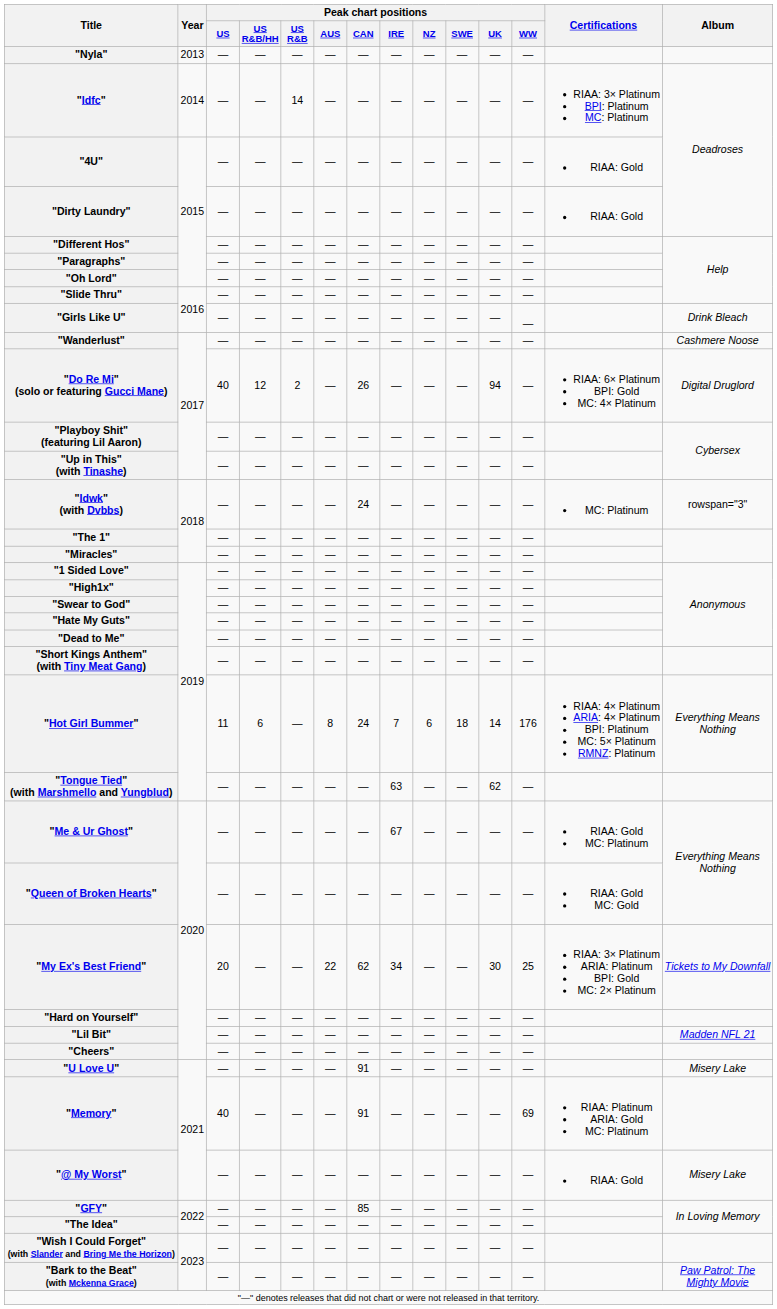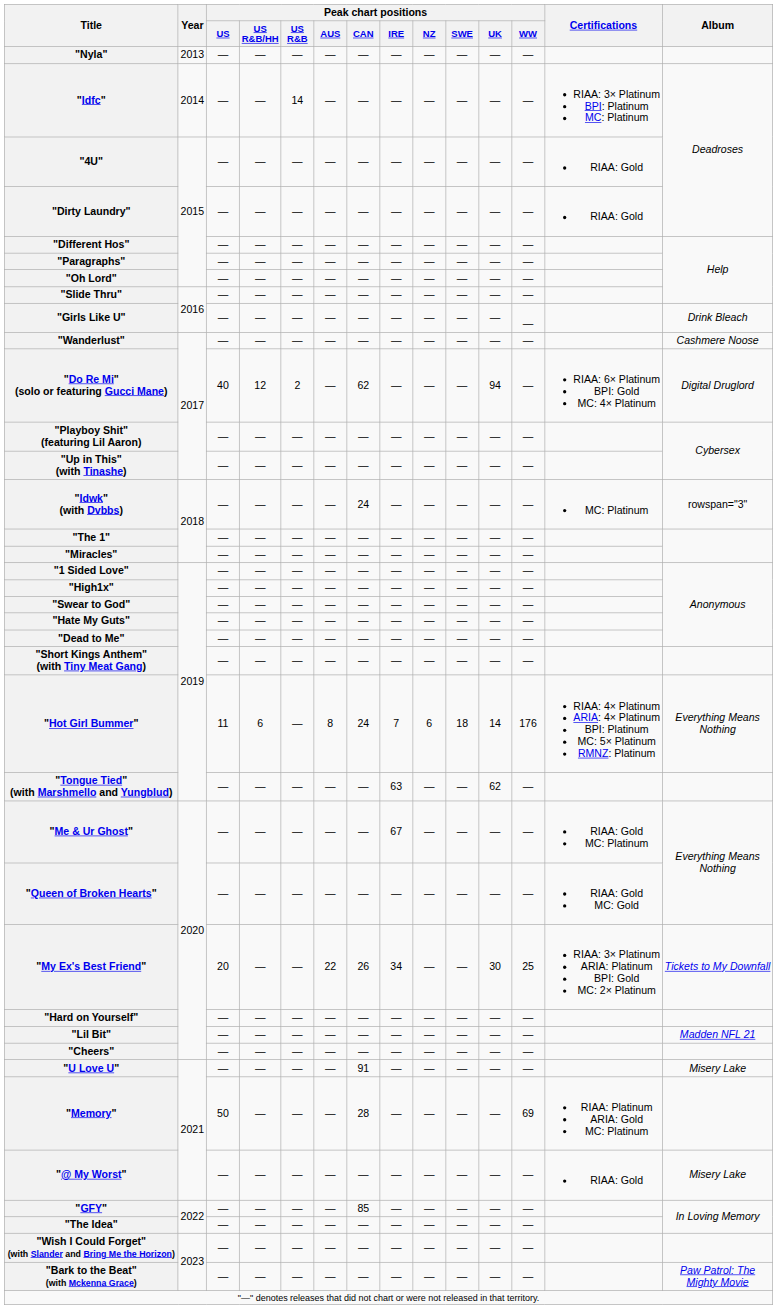 <table class="wikitable plainrowheaders" style="text-align:center;">
 <tr>
 <th scope="col" rowspan="2" style="width:16em;">Title</th>
 <th scope="col" rowspan="2" style="width:1em;">Year</th>
 <th scope="col" colspan="10">Peak chart positions</th>
 <th scope="col" rowspan="2"><a href='#'>Certifications</a></th>
 <th scope="col" rowspan="2" style="width:10em;">Album</th>
 </tr>
 <tr>
 <th scope="col" style="width:3em;font-size:90%;"><a href='#'>US</a><br></th>
 <th scope="col" style="width:3em;font-size:90%;"><a href='#'>US<br>R&B/HH</a><br></th>
 <th scope="col" style="width:3em;font-size:90%;"><a href='#'>US<br>R&B</a><br></th>
 <th scope="col" style="width:3em;font-size:90%;"><a href='#'>AUS</a><br></th>
 <th scope="col" style="width:3em;font-size:90%;"><a href='#'>CAN</a><br></th>
 <th scope="col" style="width:3em;font-size:90%;"><a href='#'>IRE</a><br></th>
 <th scope="col" style="width:3em;font-size:90%;"><a href='#'>NZ</a><br></th>
 <th scope="col" style="width:3em;font-size:90%;"><a href='#'>SWE</a><br></th>
 <th scope="col" style="width:3em;font-size:90%;"><a href='#'>UK</a><br></th>
 <th scope="col" style="width:3em;font-size:90%;"><a href='#'>WW</a><br></th>
 </tr>
 <tr>
 <th scope="row">"Nyla"</th>
 <td>2013</td>
 <td>—</td>
 <td>—</td>
 <td>—</td>
 <td>—</td>
 <td>—</td>
 <td>—</td>
 <td>—</td>
 <td>—</td>
 <td>—</td>
 <td>—</td>
 <td></td>
 <td></td>
 </tr>
 <tr>
 <th scope="row">"<a href='#'>Idfc</a>"</th>
 <td>2014</td>
 <td>—</td>
 <td>—</td>
 <td>14</td>
 <td>—</td>
 <td>—</td>
 <td>—</td>
 <td>—</td>
 <td>—</td>
 <td>—</td>
 <td>—</td>
 <td><br><ul><li>RIAA: 3× Platinum</li><li><a href='#'>BPI</a>: Platinum</li><li><a href='#'>MC</a>: Platinum</li></ul></td>
 <td rowspan="3"><em>Deadroses</em></td>
 </tr>
 <tr>
 <th scope="row">"4U"</th>
 <td rowspan="5">2015</td>
 <td>—</td>
 <td>—</td>
 <td>—</td>
 <td>—</td>
 <td>—</td>
 <td>—</td>
 <td>—</td>
 <td>—</td>
 <td>—</td>
 <td>—</td>
 <td><br><ul><li>RIAA: Gold</li></ul></td>
 </tr>
 <tr>
 <th scope="row">"Dirty Laundry"</th>
 <td>—</td>
 <td>—</td>
 <td>—</td>
 <td>—</td>
 <td>—</td>
 <td>—</td>
 <td>—</td>
 <td>—</td>
 <td>—</td>
 <td>—</td>
 <td><br><ul><li>RIAA: Gold</li></ul></td>
 </tr>
 <tr>
 <th scope="row">"Different Hos"</th>
 <td>—</td>
 <td>—</td>
 <td>—</td>
 <td>—</td>
 <td>—</td>
 <td>—</td>
 <td>—</td>
 <td>—</td>
 <td>—</td>
 <td>—</td>
 <td></td>
 <td rowspan=4><em>Help</em></td>
 </tr>
 <tr>
 <th scope="row">"Paragraphs"</th>
 <td>—</td>
 <td>—</td>
 <td>—</td>
 <td>—</td>
 <td>—</td>
 <td>—</td>
 <td>—</td>
 <td>—</td>
 <td>—</td>
 <td>—</td>
 <td></td>
 </tr>
 <tr>
 <th scope="row">"Oh Lord"</th>
 <td>—</td>
 <td>—</td>
 <td>—</td>
 <td>—</td>
 <td>—</td>
 <td>—</td>
 <td>—</td>
 <td>—</td>
 <td>—</td>
 <td>—</td>
 <td></td>
 </tr>
 <tr>
 <th scope="row">"Slide Thru" </th>
 <td rowspan="2">2016</td>
 <td>—</td>
 <td>—</td>
 <td>—</td>
 <td>—</td>
 <td>—</td>
 <td>—</td>
 <td>—</td>
 <td>—</td>
 <td>—</td>
 <td>—</td>
 <td></td>
 </tr>
 <tr>
 <th scope="row">"Girls Like U"</th>
 <td>—</td>
 <td>—</td>
 <td>—</td>
 <td>—</td>
 <td>—</td>
 <td>—</td>
 <td>—</td>
 <td>—</td>
 <td>—</td>
 <td><br>—</td>
 <td></td>
 <td><em>Drink Bleach</em></td>
 </tr>
 <tr>
 <th scope="row">"Wanderlust"</th>
 <td rowspan=4>2017</td>
 <td>—</td>
 <td>—</td>
 <td>—</td>
 <td>—</td>
 <td>—</td>
 <td>—</td>
 <td>—</td>
 <td>—</td>
 <td>—</td>
 <td>—</td>
 <td></td>
 <td><em>Cashmere Noose</em></td>
 </tr>
 <tr>
 <th scope="row">"<a href='#'>Do Re Mi</a>"<br><span>(solo or featuring <a href='#'>Gucci Mane</a>)</span></th>
 <td>40</td>
 <td>12</td>
 <td>2</td>
 <td>—</td>
-<td>26</td>
+<td>62</td>
 <td>—</td>
 <td>—</td>
 <td>—</td>
 <td>94</td>
 <td>—</td>
 <td><br><ul><li>RIAA: 6× Platinum</li><li>BPI: Gold</li><li>MC: 4× Platinum</li></ul></td>
 <td><em>Digital Druglord</em></td>
 </tr>
 <tr>
 <th scope="row">"Playboy Shit"<br><span>(featuring Lil Aaron)</span></th>
 <td>—</td>
 <td>—</td>
 <td>—</td>
 <td>—</td>
 <td>—</td>
 <td>—</td>
 <td>—</td>
 <td>—</td>
 <td>—</td>
 <td>—</td>
 <td></td>
 <td rowspan="2"><em>Cybersex</em></td>
 </tr>
 <tr>
 <th scope="row">"Up in This"<br><span>(with <a href='#'>Tinashe</a>)</span></th>
 <td>—</td>
 <td>—</td>
 <td>—</td>
 <td>—</td>
 <td>—</td>
 <td>—</td>
 <td>—</td>
 <td>—</td>
 <td>—</td>
 <td>—</td>
 <td></td>
 </tr>
 <tr>
 <th scope="row">"<a href='#'>Idwk</a>"<br><span>(with <a href='#'>Dvbbs</a>)</span></th>
 <td rowspan="3">2018</td>
 <td>—</td>
 <td>—</td>
 <td>—</td>
 <td>—</td>
 <td>24</td>
 <td>—</td>
 <td>—</td>
 <td>—</td>
 <td>—</td>
 <td>—</td>
 <td><br><ul><li>MC: Platinum</li></ul></td>
 <td>rowspan="3" </td>
 </tr>
 <tr>
 <th scope="row">"The 1"</th>
 <td>—</td>
 <td>—</td>
 <td>—</td>
 <td>—</td>
 <td>—</td>
 <td>—</td>
 <td>—</td>
 <td>—</td>
 <td>—</td>
 <td>—</td>
 <td></td>
 </tr>
 <tr>
 <th scope="row">"Miracles"<br></th>
 <td>—</td>
 <td>—</td>
 <td>—</td>
 <td>—</td>
 <td>—</td>
 <td>—</td>
 <td>—</td>
 <td>—</td>
 <td>—</td>
 <td>—</td>
 <td></td>
 </tr>
 <tr>
 <th scope="row">"1 Sided Love"</th>
 <td rowspan="8">2019</td>
 <td>—</td>
 <td>—</td>
 <td>—</td>
 <td>—</td>
 <td>—</td>
 <td>—</td>
 <td>—</td>
 <td>—</td>
 <td>—</td>
 <td>—</td>
 <td></td>
 <td rowspan="5"><em>Anonymous</em></td>
 </tr>
 <tr>
 <th scope="row">"High1x"</th>
 <td>—</td>
 <td>—</td>
 <td>—</td>
 <td>—</td>
 <td>—</td>
 <td>—</td>
 <td>—</td>
 <td>—</td>
 <td>—</td>
 <td>—</td>
 <td></td>
 </tr>
 <tr>
 <th scope="row">"Swear to God"</th>
 <td>—</td>
 <td>—</td>
 <td>—</td>
 <td>—</td>
 <td>—</td>
 <td>—</td>
 <td>—</td>
 <td>—</td>
 <td>—</td>
 <td>—</td>
 <td></td>
 </tr>
 <tr>
 <th scope="row">"Hate My Guts"</th>
 <td>—</td>
 <td>—</td>
 <td>—</td>
 <td>—</td>
 <td>—</td>
 <td>—</td>
 <td>—</td>
 <td>—</td>
 <td>—</td>
 <td>—</td>
 <td></td>
 </tr>
 <tr>
 <th scope="row">"Dead to Me"</th>
 <td>—</td>
 <td>—</td>
 <td>—</td>
 <td>—</td>
 <td>—</td>
 <td>—</td>
 <td>—</td>
 <td>—</td>
 <td>—</td>
 <td>—</td>
 <td></td>
 </tr>
 <tr>
 <th scope="row">"Short Kings Anthem"<br><span>(with <a href='#'>Tiny Meat Gang</a>)</span></th>
 <td>—</td>
 <td>—</td>
 <td>—</td>
 <td>—</td>
 <td>—</td>
 <td>—</td>
 <td>—</td>
 <td>—</td>
 <td>—</td>
 <td>—</td>
 <td></td>
 <td></td>
 </tr>
 <tr>
 <th scope="row">"<a href='#'>Hot Girl Bummer</a>"</th>
 <td>11</td>
 <td>6</td>
 <td>—</td>
 <td>8</td>
 <td>24</td>
 <td>7</td>
 <td>6</td>
 <td>18</td>
 <td>14</td>
 <td>176</td>
 <td><br><ul><li>RIAA: 4× Platinum</li><li><a href='#'>ARIA</a>: 4× Platinum</li><li>BPI: Platinum</li><li>MC: 5× Platinum</li><li><a href='#'>RMNZ</a>: Platinum</li></ul></td>
 <td><em>Everything Means Nothing</em></td>
 </tr>
 <tr>
 <th scope="row">"<a href='#'>Tongue Tied</a>"<br><span>(with <a href='#'>Marshmello</a> and <a href='#'>Yungblud</a>)</span></th>
 <td>—</td>
 <td>—</td>
 <td>—</td>
 <td>—</td>
 <td>—</td>
 <td>63</td>
 <td>—</td>
 <td>—</td>
 <td>62</td>
 <td>—</td>
 <td></td>
 <td></td>
 </tr>
 <tr>
 <th scope="row">"<a href='#'>Me & Ur Ghost</a>"</th>
 <td rowspan="6">2020</td>
 <td>—</td>
 <td>—</td>
 <td>—</td>
 <td>—</td>
 <td>—</td>
 <td>67<br></td>
 <td>—</td>
 <td>—</td>
 <td>—</td>
 <td>—</td>
 <td><br><ul><li>RIAA: Gold</li><li>MC: Platinum</li></ul></td>
 <td rowspan="2"><em>Everything Means Nothing</em></td>
 </tr>
 <tr>
 <th scope="row">"<a href='#'>Queen of Broken Hearts</a>"</th>
 <td>—</td>
 <td>—</td>
 <td>—</td>
 <td>—</td>
 <td>—</td>
 <td>—</td>
 <td>—</td>
 <td>—</td>
 <td>—</td>
 <td>—</td>
 <td><br><ul><li>RIAA: Gold</li><li>MC: Gold</li></ul></td>
 </tr>
 <tr>
 <th scope="row">"<a href='#'>My Ex's Best Friend</a>"<br></th>
 <td>20</td>
 <td>—</td>
 <td>—</td>
 <td>22</td>
-<td>62</td>
+<td>26</td>
 <td>34</td>
 <td>—</td>
 <td>—</td>
 <td>30</td>
 <td>25</td>
 <td><br><ul><li>RIAA: 3× Platinum</li><li>ARIA: Platinum</li><li>BPI: Gold</li><li>MC: 2× Platinum</li></ul></td>
 <td><em><a href='#'>Tickets to My Downfall</a></em></td>
 </tr>
 <tr>
 <th scope="row">"Hard on Yourself"<br></th>
 <td>—</td>
 <td>—</td>
 <td>—</td>
 <td>—</td>
 <td>—</td>
 <td>—</td>
 <td>—</td>
 <td>—</td>
 <td>—</td>
 <td>—</td>
 <td></td>
 <td></td>
 </tr>
 <tr>
 <th scope="row">"Lil Bit"</th>
 <td>—</td>
 <td>—</td>
 <td>—</td>
 <td>—</td>
 <td>—</td>
 <td>—</td>
 <td>—</td>
 <td>—</td>
 <td>—</td>
 <td>—</td>
 <td></td>
 <td><em><a href='#'>Madden NFL 21</a></em></td>
 </tr>
 <tr>
 <th scope="row">"Cheers"<br></th>
 <td>—</td>
 <td>—</td>
 <td>—</td>
 <td>—</td>
 <td>—</td>
 <td>—</td>
 <td>—</td>
 <td>—</td>
 <td>—</td>
 <td>—</td>
 <td></td>
 <td></td>
 </tr>
 <tr>
 <th scope="row">"<a href='#'>U Love U</a>"<br></th>
 <td rowspan="3">2021</td>
 <td>—</td>
 <td>—</td>
 <td>—</td>
 <td>—</td>
 <td>91</td>
 <td>—</td>
 <td>—</td>
 <td>—</td>
 <td>—</td>
 <td>—</td>
 <td></td>
 <td><em>Misery Lake</em></td>
 </tr>
 <tr>
 <th scope="row">"<a href='#'>Memory</a>"<br></th>
-<td>40</td>
+<td>50</td>
 <td>—</td>
 <td>—</td>
 <td>—</td>
-<td>91</td>
+<td>28</td>
 <td>—</td>
 <td>—</td>
 <td>—</td>
 <td>—</td>
 <td>69</td>
 <td><br><ul><li>RIAA: Platinum</li><li>ARIA: Gold</li><li>MC: Platinum</li></ul></td>
 <td></td>
 </tr>
 <tr>
 <th scope="row">"<a href='#'>@ My Worst</a>"</th>
 <td>—</td>
 <td>—</td>
 <td>—</td>
 <td>—</td>
 <td>—</td>
 <td>—</td>
 <td>—</td>
 <td>—</td>
 <td>—</td>
 <td>—</td>
 <td><br><ul><li>RIAA: Gold</li></ul></td>
 <td><em>Misery Lake</em></td>
 </tr>
 <tr>
 <th scope="row">"<a href='#'>GFY</a>"<br></th>
 <td rowspan="2">2022</td>
 <td>—</td>
 <td>—</td>
 <td>—</td>
 <td>—</td>
 <td>85</td>
 <td>—</td>
 <td>—</td>
 <td>—</td>
 <td>—</td>
 <td>—</td>
 <td></td>
 <td rowspan="2"><em>In Loving Memory</em></td>
 </tr>
 <tr>
 <th scope="row">"The Idea"</th>
 <td>—</td>
 <td>—</td>
 <td>—</td>
 <td>—</td>
 <td>—</td>
 <td>—</td>
 <td>—</td>
 <td>—</td>
 <td>—</td>
 <td>—</td>
 <td></td>
 </tr>
 <tr>
 <th scope="row">"Wish I Could Forget"<br><small>(with <a href='#'>Slander</a> and <a href='#'>Bring Me the Horizon</a>)</small></th>
 <td rowspan="2">2023</td>
 <td>—</td>
 <td>—</td>
 <td>—</td>
 <td>—</td>
 <td>—</td>
 <td>—</td>
 <td>—</td>
 <td>—</td>
 <td>—</td>
 <td>—</td>
 <td></td>
 <td></td>
 </tr>
 <tr>
 <th scope="row">"Bark to the Beat"<br><small>(with <a href='#'>Mckenna Grace</a>)</small></th>
 <td>—</td>
 <td>—</td>
 <td>—</td>
 <td>—</td>
 <td>—</td>
 <td>—</td>
 <td>—</td>
 <td>—</td>
 <td>—</td>
 <td>—</td>
 <td></td>
 <td><em><a href='#'>Paw Patrol: The Mighty Movie</a></em></td>
 </tr>
 <tr>
 <td colspan="15" style="font-size:85%">"—" denotes releases that did not chart or were not released in that territory.</td>
 </tr>
 </table>
